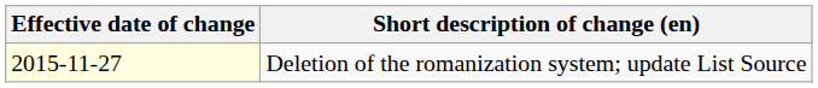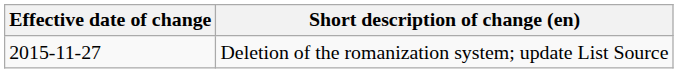 <table class="wikitable">
 <tr>
 <th>Effective date of change</th>
 <th>Short description of change (en)</th>
 </tr>
 <tr>
-<td style="background: lightyellow;">2015-11-27</td>
+<td>2015-11-27</td>
 <td>Deletion of the romanization system; update List Source</td>
 </tr>
 </table>
